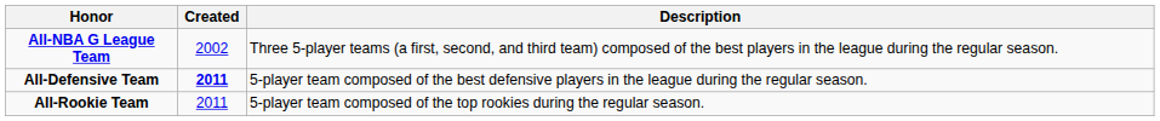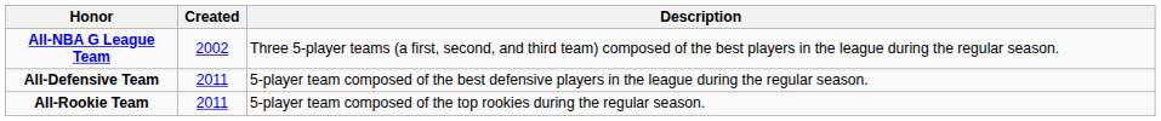 <table class="wikitable plainrowheaders sortable" summary="Honor (sortable), Created (sortable), Description and Notes">
 <tr>
 <th scope="col" width=15% class="unsortable">Honor</th>
 <th scope="col">Created</th>
 <th scope="col" class="unsortable">Description</th>
 </tr>
 <tr>
 <th scope="row" style="background-color:transparent;"><a href='#'>All-NBA G League Team</a></th>
 <td align=center><a href='#'>2002</a></td>
 <td>Three 5-player teams (a first, second, and third team) composed of the best players in the league during the regular season.</td>
 </tr>
 <tr>
 <th scope="row" style="background-color:transparent;">All-Defensive Team</th>
-<td align=center><strong><a href='#'>2011</a></strong></td>
+<td align=center><a href='#'>2011</a></td>
 <td>5-player team composed of the best defensive players in the league during the regular season.</td>
 </tr>
 <tr>
 <th scope="row" style="background-color:transparent;">All-Rookie Team</th>
 <td align=center><a href='#'>2011</a></td>
 <td>5-player team composed of the top rookies during the regular season.</td>
 </tr>
 </table>
